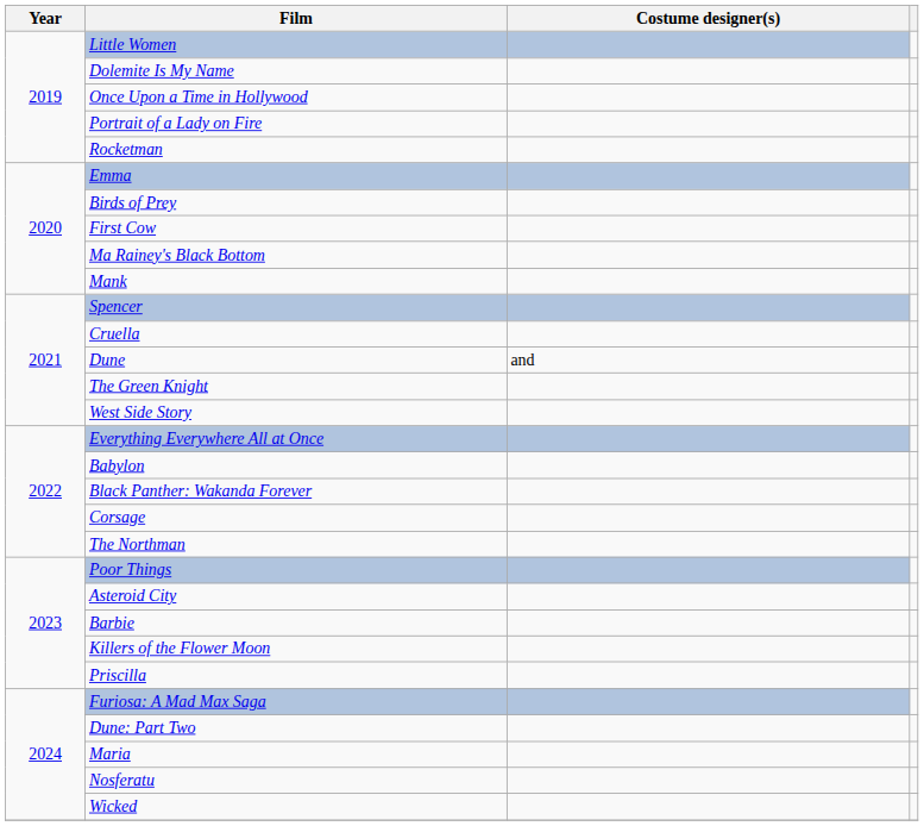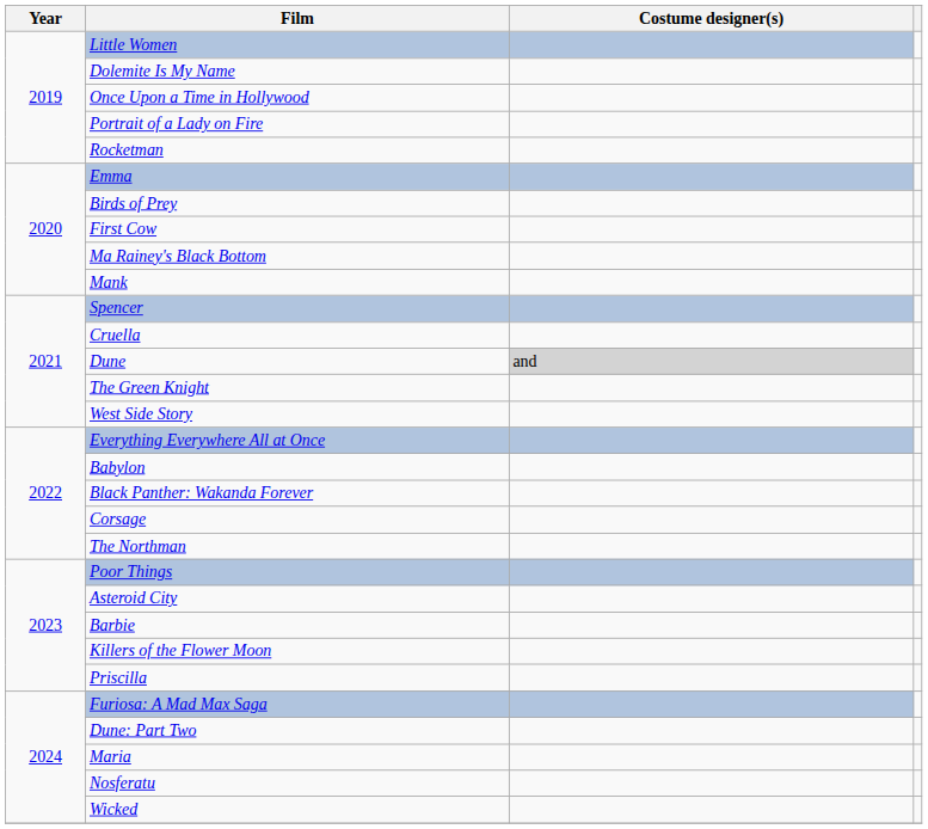 <table class="wikitable sortable">
 <tr>
 <th scope="col" width="70">Year</th>
 <th scope="col" width="400">Film</th>
 <th scope="col" width="382">Costume designer(s)</th>
 <th scope="col" class="unsortable"></th>
 </tr>
 <tr>
 <td rowspan="5" style="text-align:center;"><a href='#'>2019</a></td>
 <td style="background:#B0C4DE;"><em><a href='#'>Little Women</a></em></td>
 <td style="background:#B0C4DE;"></td>
 <td align="center"></td>
 </tr>
 <tr>
 <td><em><a href='#'>Dolemite Is My Name</a></em></td>
 <td></td>
 <td align="center"></td>
 </tr>
 <tr>
 <td><em><a href='#'>Once Upon a Time in Hollywood</a></em></td>
 <td></td>
 <td align="center"></td>
 </tr>
 <tr>
 <td><em><a href='#'>Portrait of a Lady on Fire</a></em></td>
 <td></td>
 <td align="center"></td>
 </tr>
 <tr>
 <td><em><a href='#'>Rocketman</a></em></td>
 <td></td>
 <td align="center"></td>
 </tr>
 <tr>
 <td rowspan="5" style="text-align:center;"><a href='#'>2020</a></td>
 <td style="background:#B0C4DE;"><em><a href='#'>Emma</a></em></td>
 <td style="background:#B0C4DE;"></td>
 <td align="center"></td>
 </tr>
 <tr>
 <td><em><a href='#'>Birds of Prey</a></em></td>
 <td></td>
 <td align="center"></td>
 </tr>
 <tr>
 <td><em><a href='#'>First Cow</a></em></td>
 <td></td>
 <td align="center"></td>
 </tr>
 <tr>
 <td><em><a href='#'>Ma Rainey's Black Bottom</a></em></td>
 <td></td>
 <td align="center"></td>
 </tr>
 <tr>
 <td><em><a href='#'>Mank</a></em></td>
 <td></td>
 <td align="center"></td>
 </tr>
 <tr>
 <td rowspan="5" style="text-align:center;"><a href='#'>2021</a></td>
 <td style="background:#B0C4DE;"><em><a href='#'>Spencer</a></em></td>
 <td style="background:#B0C4DE;"></td>
 <td align="center"></td>
 </tr>
 <tr>
 <td><em><a href='#'>Cruella</a></em></td>
 <td></td>
 <td align="center"></td>
 </tr>
 <tr>
 <td><em><a href='#'>Dune</a></em></td>
-<td> and </td>
+<td style="background: lightgrey;"> and </td>
 <td align="center"></td>
 </tr>
 <tr>
 <td><em><a href='#'>The Green Knight</a></em></td>
 <td></td>
 <td align="center"></td>
 </tr>
 <tr>
 <td><em><a href='#'>West Side Story</a></em></td>
 <td></td>
 <td align="center"></td>
 </tr>
 <tr>
 <td rowspan="5" style="text-align:center;"><a href='#'>2022</a></td>
 <td style="background:#B0C4DE;"><em><a href='#'>Everything Everywhere All at Once</a></em></td>
 <td style="background:#B0C4DE;"></td>
 <td align="center"></td>
 </tr>
 <tr>
 <td><em><a href='#'>Babylon</a></em></td>
 <td></td>
 <td align="center"></td>
 </tr>
 <tr>
 <td><em><a href='#'>Black Panther: Wakanda Forever</a></em></td>
 <td></td>
 <td align="center"></td>
 </tr>
 <tr>
 <td><em><a href='#'>Corsage</a></em></td>
 <td></td>
 <td align="center"></td>
 </tr>
 <tr>
 <td><em><a href='#'>The Northman</a></em></td>
 <td></td>
 <td align="center"></td>
 </tr>
 <tr>
 <td rowspan="5" style="text-align:center;"><a href='#'>2023</a></td>
 <td style="background:#B0C4DE;"><em><a href='#'>Poor Things</a></em></td>
 <td style="background:#B0C4DE;"></td>
 <td align="center"></td>
 </tr>
 <tr>
 <td><em><a href='#'>Asteroid City</a></em></td>
 <td></td>
 <td align="center"></td>
 </tr>
 <tr>
 <td><em><a href='#'>Barbie</a></em></td>
 <td></td>
 <td align="center"></td>
 </tr>
 <tr>
 <td><em><a href='#'>Killers of the Flower Moon</a></em></td>
 <td></td>
 <td align="center"></td>
 </tr>
 <tr>
 <td><em><a href='#'>Priscilla</a></em></td>
 <td></td>
 <td align="center"></td>
 </tr>
 <tr>
 <td rowspan="5" style="text-align:center;"><a href='#'>2024</a></td>
 <td style="background:#B0C4DE;"><em><a href='#'>Furiosa: A Mad Max Saga</a></em></td>
 <td style="background:#B0C4DE;"></td>
 <td align="center"></td>
 </tr>
 <tr>
 <td><em><a href='#'>Dune: Part Two</a></em></td>
 <td></td>
 <td align="center"></td>
 </tr>
 <tr>
 <td><em><a href='#'>Maria</a></em></td>
 <td></td>
 <td align="center"></td>
 </tr>
 <tr>
 <td><em><a href='#'>Nosferatu</a></em></td>
 <td></td>
 <td align="center"></td>
 </tr>
 <tr>
 <td><em><a href='#'>Wicked</a></em></td>
 <td></td>
 <td align="center"></td>
 </tr>
 <tr>
 </tr>
 </table>
